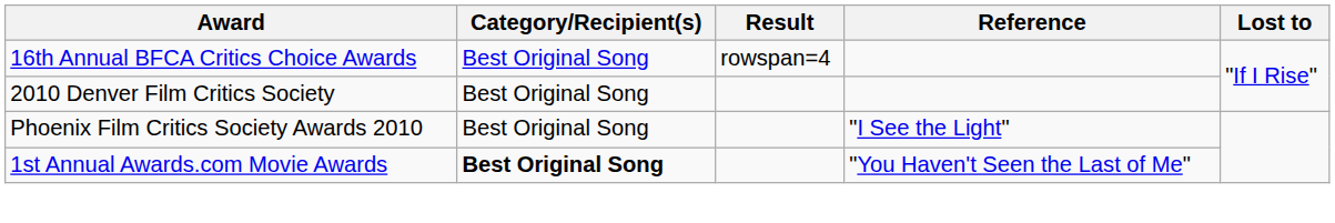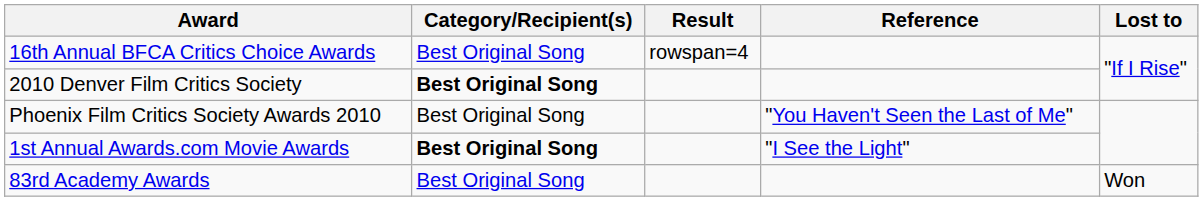 <table class="wikitable" style="width:75%;">
 <tr>
 <th>Award</th>
 <th>Category/Recipient(s)</th>
 <th>Result</th>
 <th>Reference</th>
 <th>Lost to</th>
 </tr>
 <tr>
 <td><a href='#'>16th Annual BFCA Critics Choice Awards</a></td>
 <td><a href='#'>Best Original Song</a></td>
 <td>rowspan=4 </td>
 <td style="text-align:center;"></td>
 <td rowspan=2>"<a href='#'>If I Rise</a>"</td>
 </tr>
 <tr>
 <td>2010 Denver Film Critics Society</td>
-<td>Best Original Song</td>
+<td><strong>Best Original Song</strong></td>
 <td style="text-align:center;"></td>
 </tr>
 <tr>
 <td>Phoenix Film Critics Society Awards 2010</td>
 <td>Best Original Song</td>
 <td style="text-align:center;"></td>
-<td>"<a href='#'>I See the Light</a>"</td>
+<td>"<a href='#'>You Haven't Seen the Last of Me</a>"</td>
 </tr>
 <tr>
 <td><a href='#'>1st Annual Awards.com Movie Awards</a></td>
 <td><strong>Best Original Song</strong></td>
 <td style="text-align:center;"></td>
-<td>"<a href='#'>You Haven't Seen the Last of Me</a>"</td>
+<td>"<a href='#'>I See the Light</a>"</td>
+</tr>
+<tr>
+<td><a href='#'>83rd Academy Awards</a></td>
+<td><a href='#'>Best Original Song</a></td>
+<td></td>
+<td style="text-align:center;"></td>
+<td>Won</td>
 </tr>
 </table>
